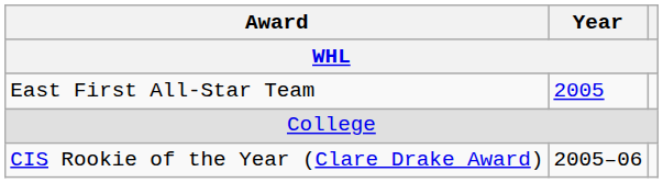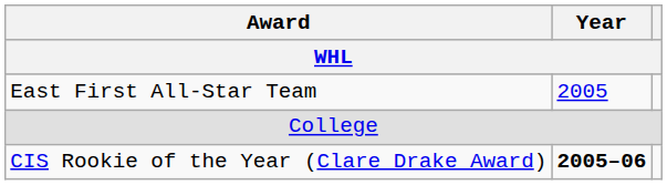 <table class="wikitable">
 <tr>
 <th>Award</th>
 <th>Year</th>
 <th></th>
 </tr>
 <tr ALIGN="center" bgcolor="#e0e0e0">
 <th colspan="3"><a href='#'>WHL</a></th>
 </tr>
 <tr>
 <td>East First All-Star Team</td>
 <td><a href='#'>2005</a></td>
 <td></td>
 </tr>
 <tr ALIGN="center" bgcolor="#e0e0e0">
 <td colspan="3"><a href='#'>College</a></td>
 </tr>
 <tr>
 <td><a href='#'>CIS</a> Rookie of the Year (<a href='#'>Clare Drake Award</a>)</td>
-<td>2005–06</td>
+<td><strong>2005–06</strong></td>
 <td></td>
 </tr>
 </table>
